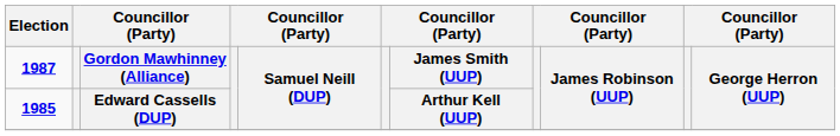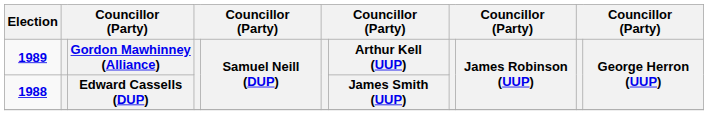 <table class="wikitable" style="text-align:center">
 <tr>
 <th scope="col" width="50">Election</th>
 <th scope="col" width="150" colspan = "2">Councillor<br> (Party)</th>
 <th scope="col" width="150" colspan = "2">Councillor<br> (Party)</th>
 <th scope="col" width="150" colspan = "2">Councillor<br> (Party)</th>
 <th scope="col" width="150" colspan = "2">Councillor<br> (Party)</th>
 <th scope="col" width="150" colspan = "2">Councillor<br> (Party)</th>
 </tr>
 <tr>
-<td><strong><a href='#'>1987</a></strong></td>
+<td><strong><a href='#'>1989</a></strong></td>
 <th rowspan="1" width="1" style="background-color: "></th>
 <th rowspan = "1"><a href='#'>Gordon Mawhinney</a> <br> (<a href='#'>Alliance</a>)</th>
 <th rowspan="2" width="1" style="background-color: "></th>
 <th rowspan = "2">Samuel Neill <br> (<a href='#'>DUP</a>)</th>
 <th rowspan="2" width="1" style="background-color: "></th>
-<th rowspan = "1">James Smith <br> (<a href='#'>UUP</a>)</th>
+<th rowspan = "1">Arthur Kell <br> (<a href='#'>UUP</a>)</th>
 <th rowspan="2" width="1" style="background-color: "></th>
 <th rowspan = "2">James Robinson <br> (<a href='#'>UUP</a>)</th>
 <th rowspan="2" width="1" style="background-color: "></th>
 <th rowspan = "2">George Herron <br> (<a href='#'>UUP</a>)</th>
 </tr>
 <tr>
-<td><strong><a href='#'>1985</a></strong></td>
+<td><strong><a href='#'>1988</a></strong></td>
 <th rowspan="1" width="1" style="background-color: "></th>
 <th rowspan = "1">Edward Cassells <br> (<a href='#'>DUP</a>)</th>
-<th rowspan = "1">Arthur Kell <br> (<a href='#'>UUP</a>)</th>
+<th rowspan = "1">James Smith <br> (<a href='#'>UUP</a>)</th>
 </tr>
 <tr>
 </tr>
 </table>
